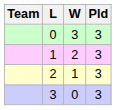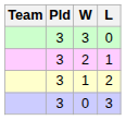 <table class="wikitable" style="text-align:center">
 <tr>
 <th width="20">Team</th>
+<th width="20">Pld</th>
+<th width="20">W</th>
 <th width="20">L</th>
-<th width="20">W</th>
-<th width="20">Pld</th>
 </tr>
 <tr style="background:#cfc">
 <td align=left></td>
-<td>0</td>
 <td>3</td>
 <td>3</td>
+<td>0</td>
 </tr>
 <tr style="background:#ffccff">
 <td align=left></td>
+<td>3</td>
+<td>2</td>
 <td>1</td>
-<td>2</td>
-<td>3</td>
 </tr>
 <tr style="background:#ffc">
 <td align=left></td>
+<td>3</td>
+<td>1</td>
 <td>2</td>
-<td>1</td>
-<td>3</td>
 </tr>
 <tr bgcolor=ccccff>
 <td align=left></td>
 <td>3</td>
 <td>0</td>
 <td>3</td>
 </tr>
 </table>
